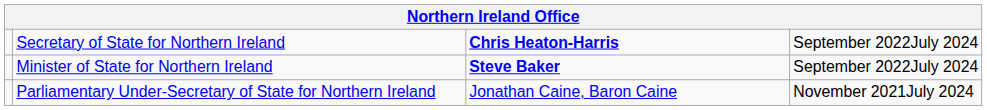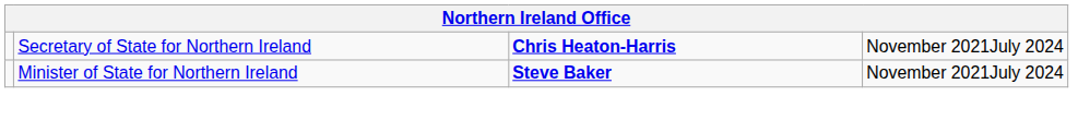 <table class="wikitable">
 <tr>
 <th colspan="4"><a href='#'>Northern Ireland Office</a></th>
 </tr>
 <tr>
 <td rowspan="1" style="width: 1px; background: "></td>
 <td rowspan="1" style="width: 450px;"><a href='#'>Secretary of State for Northern Ireland</a></td>
 <td style="width: 320px;"><strong><a href='#'>Chris Heaton-Harris</a></strong></td>
-<td>September 2022July 2024</td>
+<td>November 2021July 2024</td>
 </tr>
 <tr>
 <td rowspan="1" style="width: 1px; background: "></td>
 <td rowspan="1"><a href='#'>Minister of State for Northern Ireland</a></td>
 <td><strong><a href='#'>Steve Baker</a></strong></td>
-<td>September 2022July 2024</td>
-</tr>
-<tr>
-<td rowspan="1" style="width: 1px; background: "></td>
-<td rowspan="1"><a href='#'>Parliamentary Under-Secretary of State for Northern Ireland</a></td>
-<td><a href='#'>Jonathan Caine, Baron Caine</a> </td>
 <td>November 2021July 2024</td>
 </tr>
 </table>
